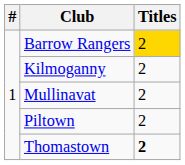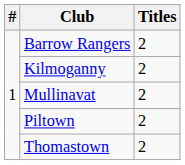 <table class="wikitable">
 <tr>
 <th>#</th>
 <th>Club</th>
 <th>Titles</th>
 </tr>
 <tr>
 <td rowspan="5">1</td>
 <td><a href='#'>Barrow Rangers</a></td>
-<td style="background: gold;">2</td>
+<td>2</td>
 </tr>
 <tr>
 <td><a href='#'>Kilmoganny</a></td>
 <td>2</td>
 </tr>
 <tr>
 <td><a href='#'>Mullinavat</a></td>
 <td>2</td>
 </tr>
 <tr>
 <td><a href='#'>Piltown</a></td>
 <td>2</td>
 </tr>
 <tr>
 <td><a href='#'>Thomastown</a></td>
-<td><strong>2</strong></td>
+<td>2</td>
 </tr>
 </table>
